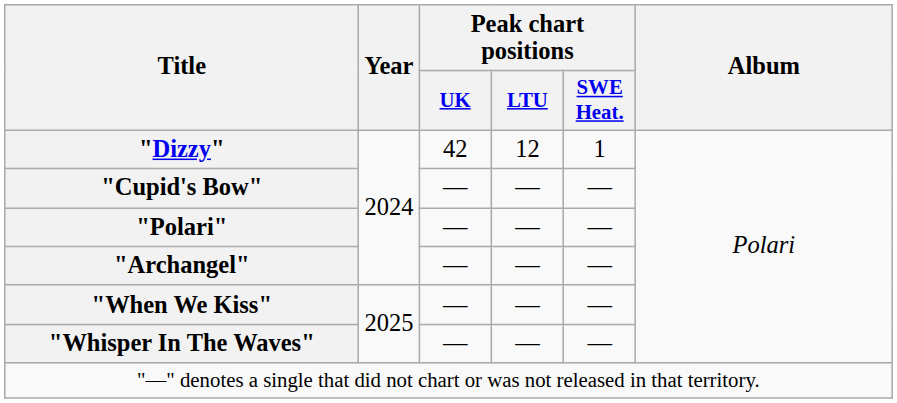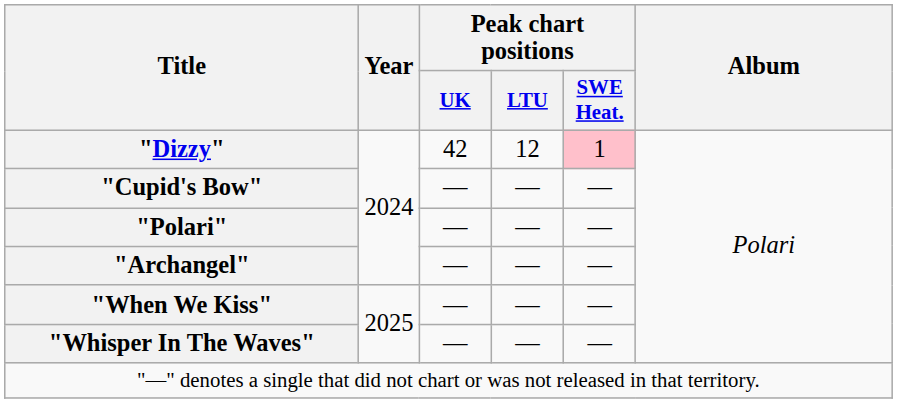 <table class="wikitable plainrowheaders" style="text-align:center;">
 <tr>
 <th scope="col" rowspan="2" style="width:14em;">Title</th>
 <th scope="col" rowspan="2" style="width:1em;">Year</th>
 <th scope="col" colspan="3">Peak chart positions</th>
 <th scope="col" rowspan="2" style="width:10em;">Album</th>
 </tr>
 <tr>
 <th scope="col" style="width:3em;font-size:85%;"><a href='#'>UK</a><br></th>
 <th scope="col" style="width:3em;font-size:85%;"><a href='#'>LTU</a><br></th>
 <th scope="col" style="width:3em;font-size:85%;"><a href='#'>SWE<br>Heat.</a><br></th>
 </tr>
 <tr>
 <th scope="row">"<a href='#'>Dizzy</a>"</th>
 <td rowspan="4">2024</td>
 <td>42</td>
 <td>12</td>
-<td>1</td>
+<td style="background: pink;">1</td>
 <td rowspan="6"><em>Polari</em></td>
 </tr>
 <tr>
 <th scope="row">"Cupid's Bow"</th>
 <td>—</td>
 <td>—</td>
 <td>—</td>
 </tr>
 <tr>
 <th scope="row">"Polari"</th>
 <td>—</td>
 <td>—</td>
 <td>—</td>
 </tr>
 <tr>
 <th scope="row">"Archangel"</th>
 <td>—</td>
 <td>—</td>
 <td>—</td>
 </tr>
 <tr>
 <th scope="row">"When We Kiss"</th>
 <td rowspan="2">2025</td>
 <td>—</td>
 <td>—</td>
 <td>—</td>
 </tr>
 <tr>
 <th scope="row">"Whisper In The Waves"</th>
 <td>—</td>
 <td>—</td>
 <td>—</td>
 </tr>
 <tr>
 <td style="font-size:85%" colspan="6">"—" denotes a single that did not chart or was not released in that territory.</td>
 </tr>
 </table>
